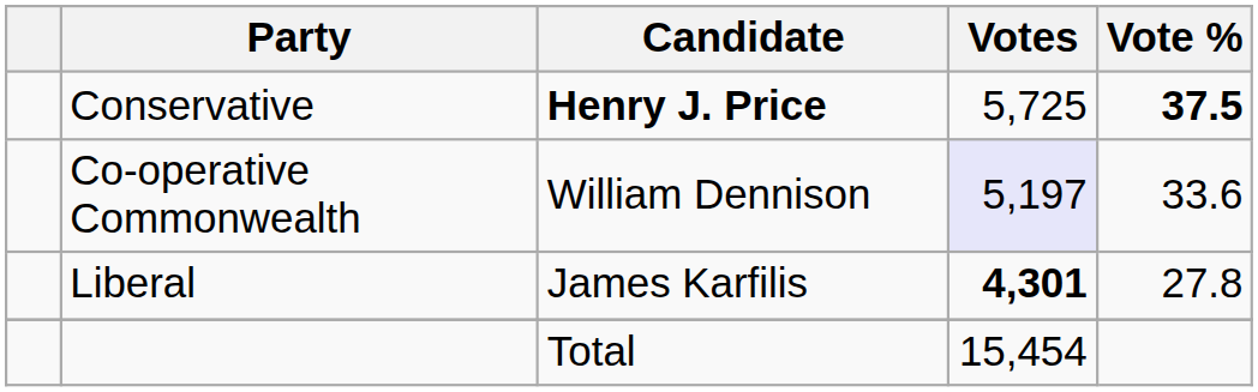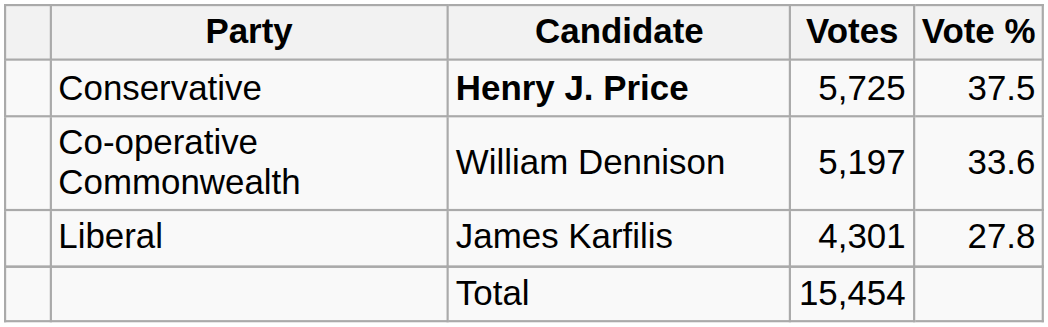 <table class="wikitable">
 <tr>
 <th></th>
 <th scope="col" width="175">Party</th>
 <th scope="col" width="150">Candidate</th>
 <th>Votes</th>
 <th>Vote %</th>
 </tr>
 <tr>
 <td>   </td>
 <td>Conservative</td>
 <td><strong>Henry J. Price</strong></td>
 <td align=right>5,725</td>
-<td align=right><strong>37.5</strong></td>
+<td align=right>37.5</td>
 </tr>
 <tr |>
 <td>   </td>
 <td>Co-operative Commonwealth</td>
 <td>William Dennison</td>
-<td align=right style="background: lavender;">5,197</td>
+<td align=right>5,197</td>
 <td align=right>33.6</td>
 </tr>
 <tr |>
 <td>   </td>
 <td>Liberal</td>
 <td>James Karfilis</td>
-<td align=right><strong>4,301</strong></td>
+<td align=right>4,301</td>
 <td align=right>27.8</td>
 </tr>
 <tr |>
 </tr>
 <tr | |>
 <td></td>
 <td></td>
 <td>Total</td>
 <td align=right>15,454</td>
 <td></td>
 </tr>
 </table>
